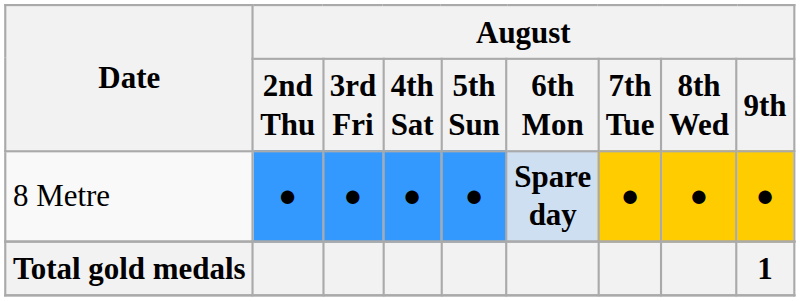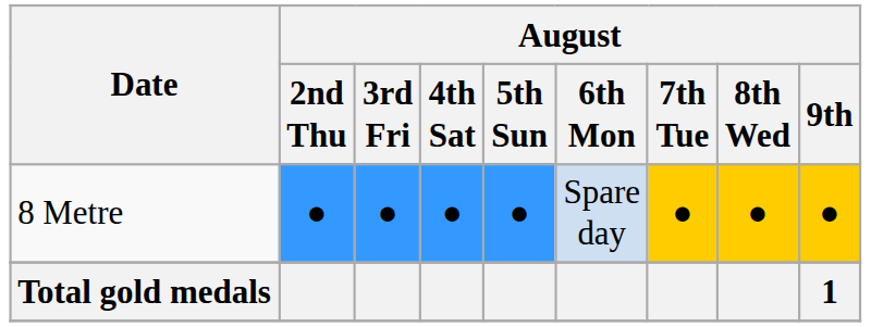 <table class="wikitable" style="margin:0.5em auto; font-size:90%; line-height:1.25em;">
 <tr>
 <th rowspan = 2>Date</th>
 <th colspan = 10>August</th>
 </tr>
 <tr>
 <th>2nd<br>Thu</th>
 <th>3rd<br>Fri</th>
 <th>4th<br>Sat</th>
 <th>5th<br>Sun</th>
 <th>6th<br>Mon</th>
 <th>7th<br>Tue</th>
 <th>8th<br>Wed</th>
 <th>9th</th>
 </tr>
 <tr align="center">
 <td align="left">8 Metre</td>
 <td bgcolor=#3399ff><span>●</span></td>
 <td bgcolor=#3399ff><span>●</span></td>
 <td bgcolor=#3399ff><span>●</span></td>
 <td bgcolor=#3399ff><span>●</span></td>
-<td bgcolor=#cedff2><strong>Spare<br>day</strong></td>
+<td bgcolor=#cedff2>Spare<br>day</td>
 <td bgcolor=#ffcc00><span>●</span></td>
 <td bgcolor=#ffcc00><span>●</span></td>
 <td bgcolor=#ffcc00><span>●</span></td>
 </tr>
 <tr align="center">
 </tr>
 <tr>
 <th>Total gold medals</th>
 <th></th>
 <th></th>
 <th></th>
 <th></th>
 <th></th>
 <th></th>
 <th></th>
 <th>1</th>
 </tr>
 <tr>
 </tr>
 </table>
